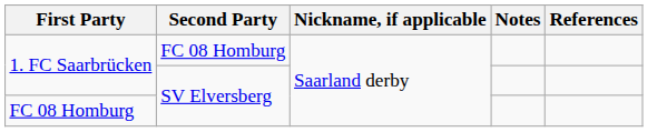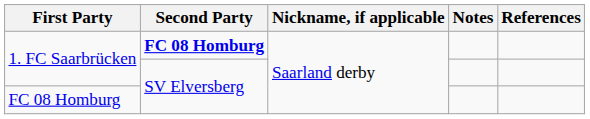 <table class="wikitable">
 <tr>
 <th>First Party</th>
 <th>Second Party</th>
 <th>Nickname, if applicable</th>
 <th>Notes</th>
 <th>References</th>
 </tr>
 <tr>
 <td rowspan=2><a href='#'>1. FC Saarbrücken</a></td>
-<td><a href='#'>FC 08 Homburg</a></td>
+<td><strong><a href='#'>FC 08 Homburg</a></strong></td>
 <td rowspan=3><a href='#'>Saarland</a> derby</td>
 <td></td>
 <td></td>
 </tr>
 <tr>
 <td rowspan=2><a href='#'>SV Elversberg</a></td>
 <td></td>
 <td> </td>
 </tr>
 <tr>
 <td><a href='#'>FC 08 Homburg</a></td>
 <td></td>
 <td></td>
 </tr>
 </table>
